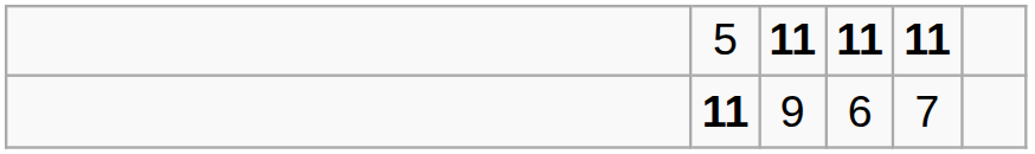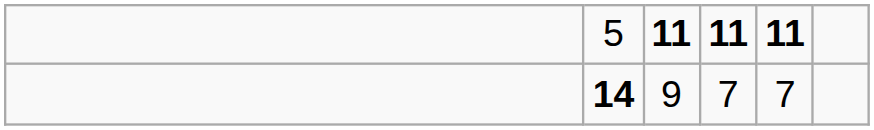 <table class="wikitable">
 <tr>
 <td style="width:15em"></td>
 <td align=center style="width:1em">5</td>
 <td align=center style="width:1em"><strong>11</strong></td>
 <td align=center style="width:1em"><strong>11</strong></td>
 <td align=center style="width:1em"><strong>11</strong></td>
 <td align=center style="width:1em"></td>
 </tr>
 <tr>
 <td style="width:15em"></td>
-<td align=center style="width:1em"><strong>11</strong></td>
+<td align=center style="width:1em"><strong>14</strong></td>
 <td align=center style="width:1em">9</td>
-<td align=center style="width:1em">6</td>
+<td align=center style="width:1em">7</td>
 <td align=center style="width:1em">7</td>
 <td align=center style="width:1em"></td>
 </tr>
 </table>
